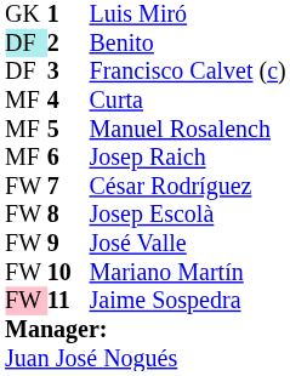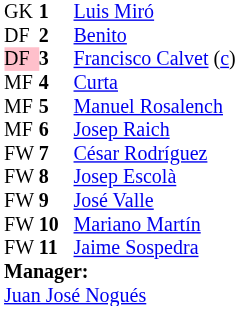 <table style="font-size: 90%" cellspacing="0" cellpadding="0" align=center>
 <tr>
 <td colspan="4"></td>
 </tr>
 <tr>
 <th width=25></th>
 <th width=25></th>
 </tr>
 <tr>
 <td>GK</td>
 <td><strong>1</strong></td>
 <td> <a href='#'>Luis Miró</a></td>
 </tr>
 <tr>
-<td style="background: paleturquoise;">DF</td>
+<td>DF</td>
 <td><strong>2</strong></td>
 <td> <a href='#'>Benito</a></td>
 <td></td>
 </tr>
 <tr>
-<td>DF</td>
+<td style="background: pink;">DF</td>
 <td><strong>3</strong></td>
 <td> <a href='#'>Francisco Calvet</a> (<a href='#'>c</a>)</td>
 </tr>
 <tr>
 <td>MF</td>
 <td><strong>4</strong></td>
 <td> <a href='#'>Curta</a></td>
 </tr>
 <tr>
 <td>MF</td>
 <td><strong>5</strong></td>
 <td> <a href='#'>Manuel Rosalench</a></td>
 </tr>
 <tr>
 <td>MF</td>
 <td><strong>6</strong></td>
 <td> <a href='#'>Josep Raich</a></td>
 </tr>
 <tr>
 <td>FW</td>
 <td><strong>7</strong></td>
 <td> <a href='#'>César Rodríguez</a></td>
 </tr>
 <tr>
 <td>FW</td>
 <td><strong>8</strong></td>
 <td> <a href='#'>Josep Escolà</a></td>
 </tr>
 <tr>
 <td>FW</td>
 <td><strong>9</strong></td>
 <td> <a href='#'>José Valle</a></td>
 </tr>
 <tr>
 <td>FW</td>
 <td><strong>10</strong></td>
 <td> <a href='#'>Mariano Martín</a></td>
 </tr>
 <tr>
-<td style="background: pink;">FW</td>
+<td>FW</td>
 <td><strong>11</strong></td>
 <td> <a href='#'>Jaime Sospedra</a></td>
 </tr>
 <tr>
 <td colspan=3><strong>Manager:</strong></td>
 </tr>
 <tr>
 <td colspan=4> <a href='#'>Juan José Nogués</a></td>
 </tr>
 </table>
